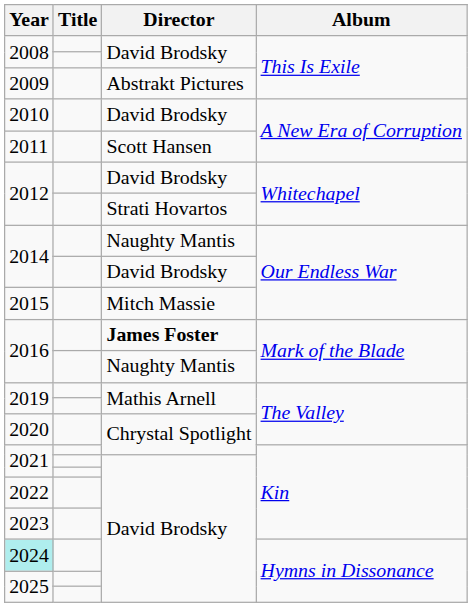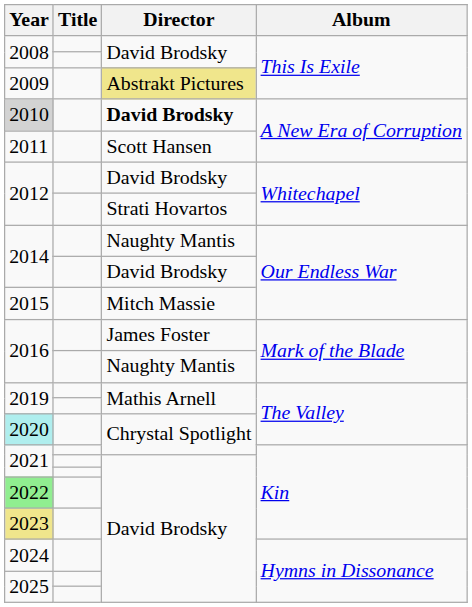 <table class="wikitable">
 <tr>
 <th>Year</th>
 <th>Title</th>
 <th>Director</th>
 <th>Album</th>
 </tr>
 <tr>
 <td rowspan="2">2008</td>
 <td></td>
 <td rowspan="2">David Brodsky</td>
 <td rowspan="3"><em><a href='#'>This Is Exile</a></em></td>
 </tr>
 <tr>
 <td></td>
 </tr>
 <tr>
 <td>2009</td>
 <td></td>
-<td>Abstrakt Pictures</td>
+<td style="background: khaki;">Abstrakt Pictures</td>
 </tr>
 <tr>
-<td>2010</td>
+<td style="background: lightgrey;">2010</td>
 <td></td>
-<td>David Brodsky</td>
+<td><strong>David Brodsky</strong></td>
 <td rowspan="2"><em><a href='#'>A New Era of Corruption</a></em></td>
 </tr>
 <tr>
 <td>2011</td>
 <td></td>
 <td>Scott Hansen</td>
 </tr>
 <tr>
 <td rowspan="2">2012</td>
 <td></td>
 <td>David Brodsky</td>
 <td rowspan="2"><em><a href='#'>Whitechapel</a></em></td>
 </tr>
 <tr>
 <td></td>
 <td>Strati Hovartos </td>
 </tr>
 <tr>
 <td rowspan="2">2014</td>
 <td></td>
 <td>Naughty Mantis</td>
 <td rowspan="3"><em><a href='#'>Our Endless War</a></em></td>
 </tr>
 <tr>
 <td></td>
 <td>David Brodsky</td>
 </tr>
 <tr>
 <td>2015</td>
 <td></td>
 <td>Mitch Massie</td>
 </tr>
 <tr>
 <td rowspan="2">2016</td>
 <td></td>
-<td><strong>James Foster</strong></td>
+<td>James Foster</td>
 <td rowspan="2"><em><a href='#'>Mark of the Blade</a></em></td>
 </tr>
 <tr>
 <td></td>
 <td>Naughty Mantis</td>
 </tr>
 <tr>
 <td rowspan="2">2019</td>
 <td></td>
 <td rowspan="2">Mathis Arnell</td>
 <td rowspan="3"><em><a href='#'>The Valley</a></em></td>
 </tr>
 <tr>
 <td></td>
 </tr>
 <tr>
-<td>2020</td>
+<td style="background: paleturquoise;">2020</td>
 <td></td>
 <td rowspan="2">Chrystal Spotlight</td>
 </tr>
 <tr>
 <td rowspan="3">2021</td>
 <td></td>
 <td rowspan="5"><em><a href='#'>Kin</a></em></td>
 </tr>
 <tr>
 <td></td>
 <td rowspan="7">David Brodsky</td>
 </tr>
 <tr>
 <td></td>
 </tr>
 <tr>
-<td>2022</td>
+<td style="background: lightgreen;">2022</td>
 <td></td>
 </tr>
 <tr>
-<td>2023</td>
+<td style="background: khaki;">2023</td>
 <td></td>
 </tr>
 <tr>
-<td style="background: paleturquoise;">2024</td>
+<td>2024</td>
 <td></td>
 <td rowspan="3"><em><a href='#'>Hymns in Dissonance</a></em></td>
 </tr>
 <tr>
 <td rowspan="2">2025</td>
 <td></td>
 </tr>
 <tr>
 <td></td>
 </tr>
 </table>
